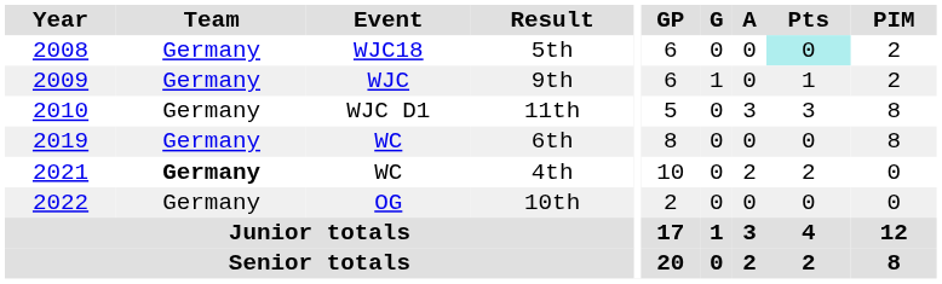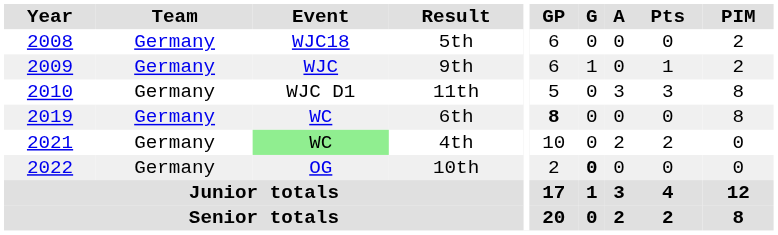 <table border="0" cellpadding="1" cellspacing="0" ID="Table3" style="text-align:center; width:40em">
 <tr style="text-align:center; background:#e0e0e0;">
 <th>Year</th>
 <th>Team</th>
 <th>Event</th>
 <th>Result</th>
 <th rowspan="99" style="background:#fff;"></th>
 <th>GP</th>
 <th>G</th>
 <th>A</th>
 <th>Pts</th>
 <th>PIM</th>
 </tr>
 <tr>
 <td><a href='#'>2008</a></td>
 <td><a href='#'>Germany</a></td>
 <td><a href='#'>WJC18</a></td>
 <td>5th</td>
 <td>6</td>
 <td>0</td>
 <td>0</td>
-<td style="background: paleturquoise;">0</td>
+<td>0</td>
 <td>2</td>
 </tr>
 <tr bgcolor="#f0f0f0">
 <td><a href='#'>2009</a></td>
 <td><a href='#'>Germany</a></td>
 <td><a href='#'>WJC</a></td>
 <td>9th</td>
 <td>6</td>
 <td>1</td>
 <td>0</td>
 <td>1</td>
 <td>2</td>
 </tr>
 <tr>
 <td><a href='#'>2010</a></td>
 <td>Germany</td>
 <td>WJC D1</td>
 <td>11th</td>
 <td>5</td>
 <td>0</td>
 <td>3</td>
 <td>3</td>
 <td>8</td>
 </tr>
 <tr bgcolor="#f0f0f0">
 <td><a href='#'>2019</a></td>
 <td><a href='#'>Germany</a></td>
 <td><a href='#'>WC</a></td>
 <td>6th</td>
-<td>8</td>
+<td><strong>8</strong></td>
 <td>0</td>
 <td>0</td>
 <td>0</td>
 <td>8</td>
 </tr>
 <tr>
 <td><a href='#'>2021</a></td>
-<td><strong>Germany</strong></td>
-<td>WC</td>
+<td>Germany</td>
+<td style="background: lightgreen;">WC</td>
 <td>4th</td>
 <td>10</td>
 <td>0</td>
 <td>2</td>
 <td>2</td>
 <td>0</td>
 </tr>
 <tr bgcolor="#f0f0f0">
 <td><a href='#'>2022</a></td>
 <td>Germany</td>
 <td><a href='#'>OG</a></td>
 <td>10th</td>
 <td>2</td>
-<td>0</td>
+<td><strong>0</strong></td>
 <td>0</td>
 <td>0</td>
 <td>0</td>
 </tr>
 <tr bgcolor="#e0e0e0">
 <th colspan="4">Junior totals</th>
 <th>17</th>
 <th>1</th>
 <th>3</th>
 <th>4</th>
 <th>12</th>
 </tr>
 <tr bgcolor="#e0e0e0">
 <th colspan="4">Senior totals</th>
 <th>20</th>
 <th>0</th>
 <th>2</th>
 <th>2</th>
 <th>8</th>
 </tr>
 </table>
